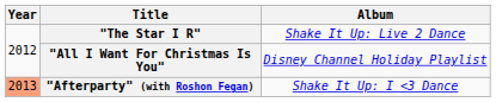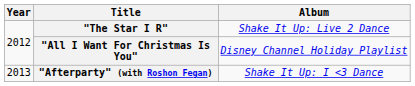 <table class="wikitable plainrowheaders" style="text-align:center;" border="1">
 <tr>
 <th scope="col">Year</th>
 <th scope="col" style="width:18em;">Title</th>
 <th scope="col">Album</th>
 </tr>
 <tr>
 <td rowspan="2">2012</td>
 <th scope="row">"The Star I R"</th>
 <td><em><a href='#'>Shake It Up: Live 2 Dance</a></em></td>
 </tr>
 <tr>
 <th scope="row">"All I Want For Christmas Is You"</th>
 <td><em><a href='#'>Disney Channel Holiday Playlist</a></em></td>
 </tr>
 <tr>
-<td rowspan="1" style="background: lightsalmon;">2013</td>
+<td rowspan="1">2013</td>
 <th scope="row">"Afterparty" <small>(with <a href='#'>Roshon Fegan</a>)</small></th>
 <td><em><a href='#'>Shake It Up: I <3 Dance</a></em></td>
 </tr>
 </table>
